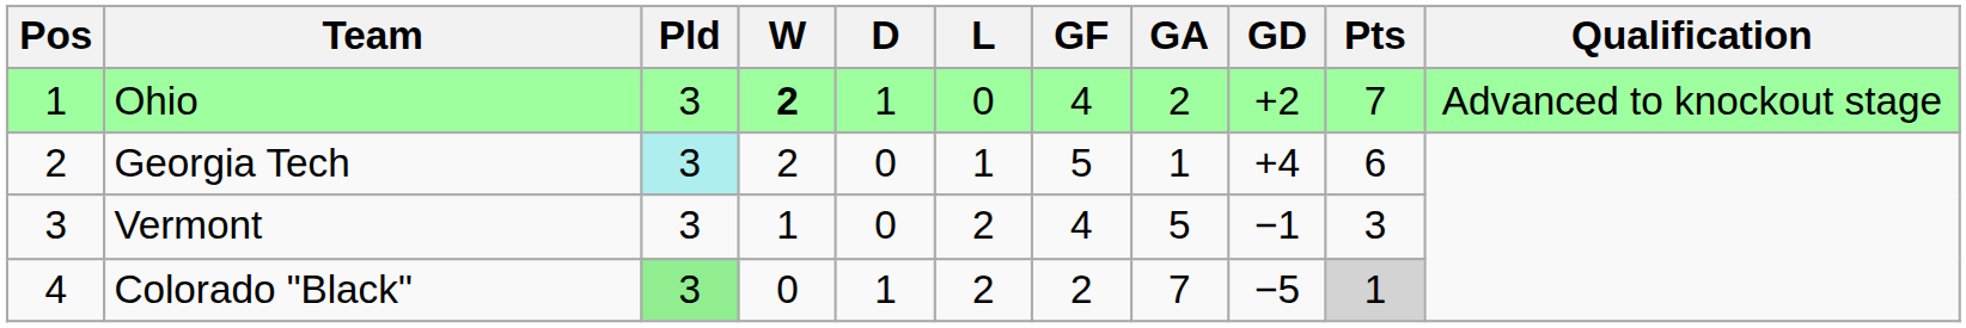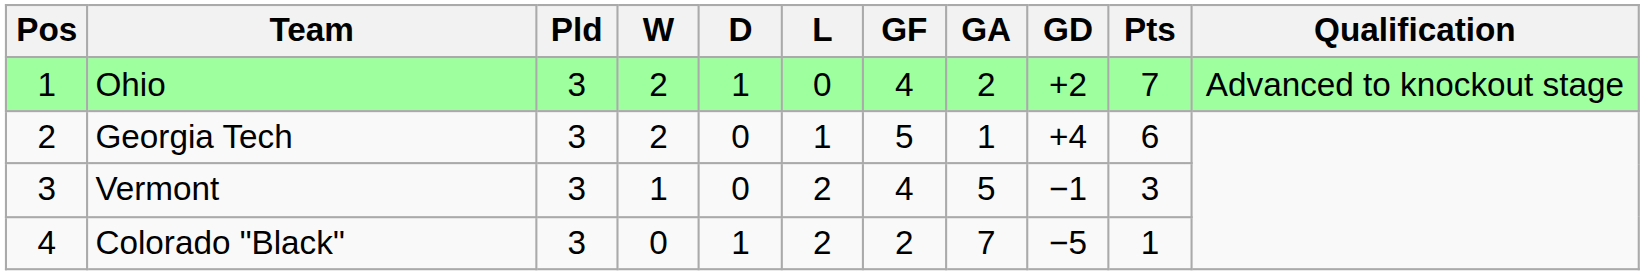 <table class="wikitable" style="text-align:center; margin: 1em auto">
 <tr>
 <th style="width:2em">Pos</th>
 <th style="width:13em">Team</th>
 <th style="width:2em">Pld</th>
 <th style="width:2em">W</th>
 <th style="width:2em">D</th>
 <th style="width:2em">L</th>
 <th style="width:2em">GF</th>
 <th style="width:2em">GA</th>
 <th style="width:2em">GD</th>
 <th style="width:2em">Pts</th>
 <th style="width:13em">Qualification</th>
 </tr>
 <tr bgcolor="#9eff9e">
 <td>1</td>
 <td style="text-align:left">Ohio</td>
 <td>3</td>
-<td><strong>2</strong></td>
+<td>2</td>
 <td>1</td>
 <td>0</td>
 <td>4</td>
 <td>2</td>
 <td>+2</td>
 <td>7</td>
 <td>Advanced to knockout stage</td>
 </tr>
 <tr>
 <td>2</td>
 <td style="text-align:left">Georgia Tech</td>
-<td style="background: paleturquoise;">3</td>
+<td>3</td>
 <td>2</td>
 <td>0</td>
 <td>1</td>
 <td>5</td>
 <td>1</td>
 <td>+4</td>
 <td>6</td>
 </tr>
 <tr>
 <td>3</td>
 <td style="text-align:left">Vermont</td>
 <td>3</td>
 <td>1</td>
 <td>0</td>
 <td>2</td>
 <td>4</td>
 <td>5</td>
 <td>−1</td>
 <td>3</td>
 </tr>
 <tr>
 <td>4</td>
 <td style="text-align:left">Colorado "Black"</td>
-<td style="background: lightgreen;">3</td>
+<td>3</td>
 <td>0</td>
 <td>1</td>
 <td>2</td>
 <td>2</td>
 <td>7</td>
 <td>−5</td>
-<td style="background: lightgrey;">1</td>
+<td>1</td>
 </tr>
 </table>
